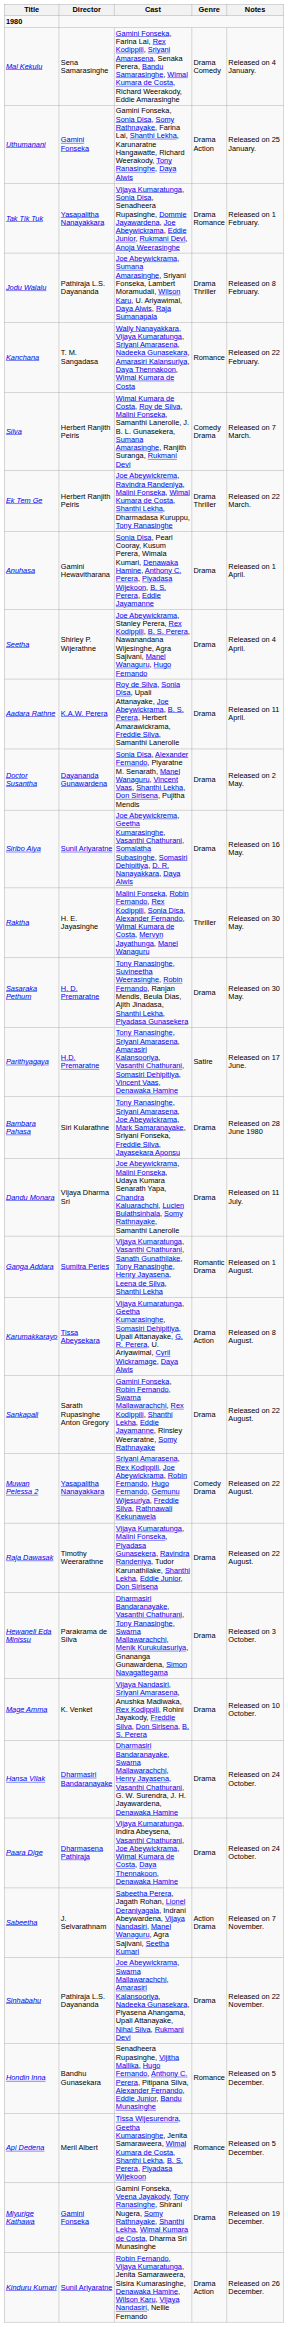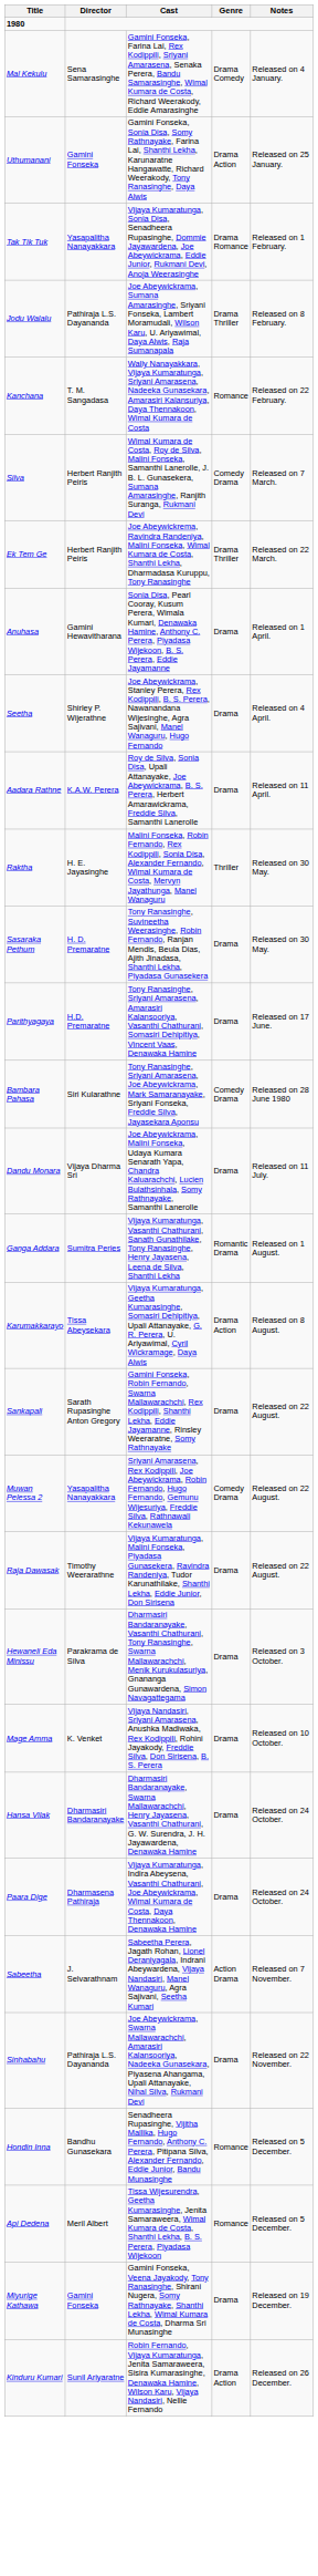 <table class="wikitable">
 <tr>
 <th width=15%>Title</th>
 <th width=12%>Director</th>
 <th width=34%>Cast</th>
 <th width=8%>Genre</th>
 <th width=26%>Notes</th>
 </tr>
 <tr>
 <td><strong>1980</strong></td>
 </tr>
 <tr>
 <td><em><a href='#'>Mal Kekulu</a></em></td>
 <td>Sena Samarasinghe</td>
 <td><a href='#'>Gamini Fonseka</a>, Farina Lai, <a href='#'>Rex Kodippili</a>, <a href='#'>Sriyani Amarasena</a>, Senaka Perera, <a href='#'>Bandu Samarasinghe</a>, <a href='#'>Wimal Kumara de Costa</a>, Richard Weerakody, Eddie Amarasinghe</td>
 <td>Drama Comedy</td>
 <td>Released on 4 January.</td>
 </tr>
 <tr>
 <td><em><a href='#'>Uthumanani</a></em></td>
 <td><a href='#'>Gamini Fonseka</a></td>
 <td>Gamini Fonseka, <a href='#'>Sonia Disa</a>, <a href='#'>Somy Rathnayake</a>, Farina Lai, <a href='#'>Shanthi Lekha</a>, Karunaratne Hangawatte, Richard Weerakody, <a href='#'>Tony Ranasinghe</a>, <a href='#'>Daya Alwis</a></td>
 <td>Drama Action</td>
 <td>Released on 25 January.</td>
 </tr>
 <tr>
 <td><em><a href='#'>Tak Tik Tuk</a></em></td>
 <td><a href='#'>Yasapalitha Nanayakkara</a></td>
 <td><a href='#'>Vijaya Kumaratunga</a>, <a href='#'>Sonia Disa</a>, Senadheera Rupasinghe, <a href='#'>Dommie Jayawardena</a>, <a href='#'>Joe Abeywickrama</a>, <a href='#'>Eddie Junior</a>, <a href='#'>Rukmani Devi</a>, <a href='#'>Anoja Weerasinghe</a></td>
 <td>Drama Romance</td>
 <td>Released on 1 February.</td>
 </tr>
 <tr>
 <td><em><a href='#'>Jodu Walalu</a></em></td>
 <td>Pathiraja L.S. Dayananda</td>
 <td><a href='#'>Joe Abeywickrama</a>, <a href='#'>Sumana Amarasinghe</a>, Sriyani Fonseka, Lambert Moramudali, <a href='#'>Wilson Karu</a>, U. Ariyawimal, <a href='#'>Daya Alwis</a>, <a href='#'>Raja Sumanapala</a></td>
 <td>Drama Thriller</td>
 <td>Released on 8 February.</td>
 </tr>
 <tr>
 <td><em><a href='#'>Kanchana</a></em></td>
 <td>T. M. Sangadasa</td>
 <td><a href='#'>Wally Nanayakkara</a>, <a href='#'>Vijaya Kumaratunga</a>, <a href='#'>Sriyani Amarasena</a>, <a href='#'>Nadeeka Gunasekara</a>, <a href='#'>Amarasiri Kalansuriya</a>, <a href='#'>Daya Thennakoon</a>, <a href='#'>Wimal Kumara de Costa</a></td>
 <td>Romance</td>
 <td>Released on 22 February.</td>
 </tr>
 <tr>
 <td><em><a href='#'>Silva</a></em></td>
 <td>Herbert Ranjith Peiris</td>
 <td><a href='#'>Wimal Kumara de Costa</a>, <a href='#'>Roy de Silva</a>, <a href='#'>Malini Fonseka</a>, Samanthi Lanerolle, J. B. L. Gunasekera, <a href='#'>Sumana Amarasinghe</a>, Ranjith Suranga, <a href='#'>Rukmani Devi</a></td>
 <td>Comedy Drama</td>
 <td>Released on 7 March.</td>
 </tr>
 <tr>
 <td><em><a href='#'>Ek Tem Ge</a></em></td>
 <td>Herbert Ranjith Peiris</td>
 <td><a href='#'>Joe Abeywickrema</a>, <a href='#'>Ravindra Randeniya</a>, <a href='#'>Malini Fonseka</a>, <a href='#'>Wimal Kumara de Costa</a>, <a href='#'>Shanthi Lekha</a>, Dharmadasa Kuruppu, <a href='#'>Tony Ranasinghe</a></td>
 <td>Drama Thriller</td>
 <td>Released on 22 March.</td>
 </tr>
 <tr>
 <td><em><a href='#'>Anuhasa</a></em></td>
 <td>Gamini Hewavitharana</td>
 <td><a href='#'>Sonia Disa</a>, Pearl Cooray, Kusum Perera, Wimala Kumari, <a href='#'>Denawaka Hamine</a>, <a href='#'>Anthony C. Perera</a>, <a href='#'>Piyadasa Wijekoon</a>, <a href='#'>B. S. Perera</a>, <a href='#'>Eddie Jayamanne</a></td>
 <td>Drama</td>
 <td>Released on 1 April.</td>
 </tr>
 <tr>
 <td><em><a href='#'>Seetha</a></em></td>
 <td>Shirley P. Wijerathne</td>
 <td><a href='#'>Joe Abeywickrama</a>, Stanley Perera, <a href='#'>Rex Kodippili</a>, <a href='#'>B. S. Perera</a>, Nawanandana Wijesinghe, Agra Sajivani, <a href='#'>Manel Wanaguru</a>, <a href='#'>Hugo Fernando</a></td>
 <td>Drama</td>
 <td>Released on 4 April.</td>
 </tr>
 <tr>
 <td><em><a href='#'>Aadara Rathne</a></em></td>
 <td><a href='#'>K.A.W. Perera</a></td>
 <td><a href='#'>Roy de Silva</a>, <a href='#'>Sonia Disa</a>, Upali Attanayake, <a href='#'>Joe Abeywickrama</a>, <a href='#'>B. S. Perera</a>, Herbert Amarawickrama, <a href='#'>Freddie Silva</a>, Samanthi Lanerolle</td>
 <td>Drama</td>
 <td>Released on 11 April.</td>
 </tr>
 <tr>
-<td><em><a href='#'>Doctor Susantha</a></em></td>
-<td><a href='#'>Dayananda Gunawardena</a></td>
-<td><a href='#'>Sonia Disa</a>, <a href='#'>Alexander Fernando</a>, Piyaratne M. Senarath, <a href='#'>Manel Wanaguru</a>, <a href='#'>Vincent Vaas</a>, <a href='#'>Shanthi Lekha</a>, <a href='#'>Don Sirisena</a>, Pujitha Mendis</td>
-<td>Drama</td>
-<td>Released on 2 May.</td>
-</tr>
-<tr>
-<td><em><a href='#'>Siribo Aiya</a></em></td>
-<td><a href='#'>Sunil Ariyaratne</a></td>
-<td><a href='#'>Joe Abeywickrema</a>, <a href='#'>Geetha Kumarasinghe</a>, <a href='#'>Vasanthi Chathurani</a>, <a href='#'>Somalatha Subasinghe</a>, <a href='#'>Somasiri Dehipitiya</a>, <a href='#'>D. R. Nanayakkara</a>, <a href='#'>Daya Alwis</a></td>
-<td>Drama</td>
-<td>Released on 16 May.</td>
-</tr>
-<tr>
 <td><em><a href='#'>Raktha</a></em></td>
 <td>H. E. Jayasinghe</td>
 <td><a href='#'>Malini Fonseka</a>, <a href='#'>Robin Fernando</a>, <a href='#'>Rex Kodippili</a>, <a href='#'>Sonia Disa</a>, <a href='#'>Alexander Fernando</a>, <a href='#'>Wimal Kumara de Costa</a>, <a href='#'>Mervyn Jayathunga</a>, <a href='#'>Manel Wanaguru</a></td>
 <td>Thriller</td>
 <td>Released on 30 May.</td>
 </tr>
 <tr>
 <td><em><a href='#'>Sasaraka Pethum</a></em></td>
 <td><a href='#'>H. D. Premaratne</a></td>
 <td><a href='#'>Tony Ranasinghe</a>, <a href='#'>Suvineetha Weerasinghe</a>, <a href='#'>Robin Fernando</a>, Ranjan Mendis, Beula Dias, Ajith Jinadasa, <a href='#'>Shanthi Lekha</a>, <a href='#'>Piyadasa Gunasekera</a></td>
 <td>Drama</td>
 <td>Released on 30 May.</td>
 </tr>
 <tr>
 <td><em><a href='#'>Parithyagaya</a></em></td>
 <td><a href='#'>H.D. Premaratne</a></td>
 <td><a href='#'>Tony Ranasinghe</a>, <a href='#'>Sriyani Amarasena</a>, <a href='#'>Amarasiri Kalansooriya</a>, <a href='#'>Vasanthi Chathurani</a>, <a href='#'>Somasiri Dehipitiya</a>, <a href='#'>Vincent Vaas</a>, <a href='#'>Denawaka Hamine</a></td>
-<td>Satire</td>
+<td>Drama</td>
 <td>Released on 17 June.</td>
 </tr>
 <tr>
 <td><em><a href='#'>Bambara Pahasa</a></em></td>
 <td>Siri Kularathne</td>
 <td><a href='#'>Tony Ranasinghe</a>, <a href='#'>Sriyani Amarasena</a>, <a href='#'>Joe Abeywickrama</a>, <a href='#'>Mark Samaranayake</a>, Sriyani Fonseka, <a href='#'>Freddie Silva</a>, <a href='#'>Jayasekara Aponsu</a></td>
-<td>Drama</td>
+<td>Comedy Drama</td>
 <td>Released on 28 June 1980</td>
 </tr>
 <tr>
 <td><em><a href='#'>Dandu Monara</a></em></td>
 <td>Vijaya Dharma Sri</td>
 <td><a href='#'>Joe Abeywickrama</a>, <a href='#'>Malini Fonseka</a>, Udaya Kumara Senarath Yapa, <a href='#'>Chandra Kaluarachchi</a>, <a href='#'>Lucien Bulathsinhala</a>, <a href='#'>Somy Rathnayake</a>, Samanthi Lanerolle</td>
 <td>Drama</td>
 <td>Released on 11 July.</td>
 </tr>
 <tr>
 <td><em><a href='#'>Ganga Addara</a></em></td>
 <td><a href='#'>Sumitra Peries</a></td>
 <td><a href='#'>Vijaya Kumaratunga</a>, <a href='#'>Vasanthi Chathurani</a>, <a href='#'>Sanath Gunathilake</a>, <a href='#'>Tony Ranasinghe</a>, <a href='#'>Henry Jayasena</a>, <a href='#'>Leena de Silva</a>, <a href='#'>Shanthi Lekha</a></td>
 <td>Romantic Drama</td>
 <td>Released on 1 August.</td>
 </tr>
 <tr>
 <td><em><a href='#'>Karumakkarayo</a></em></td>
 <td><a href='#'>Tissa Abeysekara</a></td>
 <td><a href='#'>Vijaya Kumaratunga</a>, <a href='#'>Geetha Kumarasinghe</a>, <a href='#'>Somasiri Dehipitiya</a>, Upali Attanayake, <a href='#'>G. R. Perera</a>, U. Ariyawimal, <a href='#'>Cyril Wickramage</a>, <a href='#'>Daya Alwis</a></td>
 <td>Drama Action</td>
 <td>Released on 8 August.</td>
 </tr>
 <tr>
 <td><em><a href='#'>Sankapali</a></em></td>
 <td>Sarath Rupasinghe<br> Anton Gregory</td>
 <td><a href='#'>Gamini Fonseka</a>, <a href='#'>Robin Fernando</a>, <a href='#'>Swarna Mallawarachchi</a>, <a href='#'>Rex Kodippili</a>, <a href='#'>Shanthi Lekha</a>, <a href='#'>Eddie Jayamanne</a>, Rinsley Weeraratne, <a href='#'>Somy Rathnayake</a></td>
 <td>Drama</td>
 <td>Released on 22 August.</td>
 </tr>
 <tr>
 <td><em><a href='#'>Muwan Pelessa 2</a></em></td>
 <td><a href='#'>Yasapalitha Nanayakkara</a></td>
 <td><a href='#'>Sriyani Amarasena</a>, <a href='#'>Rex Kodippili</a>, <a href='#'>Joe Abeywickrama</a>, <a href='#'>Robin Fernando</a>, <a href='#'>Hugo Fernando</a>, <a href='#'>Gemunu Wijesuriya</a>, <a href='#'>Freddie Silva</a>, <a href='#'>Rathnawali Kekunawela</a></td>
 <td>Comedy Drama</td>
 <td>Released on 22 August.</td>
 </tr>
 <tr>
 <td><em><a href='#'>Raja Dawasak</a></em></td>
 <td>Timothy Weerarathne</td>
 <td><a href='#'>Vijaya Kumaratunga</a>, <a href='#'>Malini Fonseka</a>, <a href='#'>Piyadasa Gunasekera</a>, <a href='#'>Ravindra Randeniya</a>, Tudor Karunathilake, <a href='#'>Shanthi Lekha</a>, <a href='#'>Eddie Junior</a>, <a href='#'>Don Sirisena</a></td>
 <td>Drama</td>
 <td>Released on 22 August.</td>
 </tr>
 <tr>
 <td><em><a href='#'>Hewaneli Eda Minissu</a></em></td>
 <td>Parakrama de Silva</td>
 <td><a href='#'>Dharmasiri Bandaranayake</a>, <a href='#'>Vasanthi Chathurani</a>, <a href='#'>Tony Ranasinghe</a>, <a href='#'>Swarna Mallawarachchi</a>, <a href='#'>Menik Kurukulasuriya</a>, Gnananga Gunawardena, <a href='#'>Simon Navagattegama</a></td>
 <td>Drama</td>
 <td>Released on 3 October.</td>
 </tr>
 <tr>
 <td><em><a href='#'>Mage Amma</a></em></td>
 <td>K. Venket</td>
 <td><a href='#'>Vijaya Nandasiri</a>, <a href='#'>Sriyani Amarasena</a>, Anushka Madiwaka, <a href='#'>Rex Kodippili</a>, Rohini Jayakody, <a href='#'>Freddie Silva</a>, <a href='#'>Don Sirisena</a>, <a href='#'>B. S. Perera</a></td>
 <td>Drama</td>
 <td>Released on 10 October.</td>
 </tr>
 <tr>
 <td><em><a href='#'>Hansa Vilak</a></em></td>
 <td><a href='#'>Dharmasiri Bandaranayake</a></td>
 <td><a href='#'>Dharmasiri Bandaranayake</a>, <a href='#'>Swarna Mallawarachchi</a>, <a href='#'>Henry Jayasena</a>, <a href='#'>Vasanthi Chathurani</a>, G. W. Surendra, J. H. Jayawardena, <a href='#'>Denawaka Hamine</a></td>
 <td>Drama</td>
 <td>Released on 24 October.</td>
 </tr>
 <tr>
 <td><em><a href='#'>Paara Dige</a></em></td>
 <td><a href='#'>Dharmasena Pathiraja</a></td>
 <td><a href='#'>Vijaya Kumaratunga</a>, Indira Abeysena, <a href='#'>Vasanthi Chathurani</a>, <a href='#'>Joe Abeywickrama</a>, <a href='#'>Wimal Kumara de Costa</a>, <a href='#'>Daya Thennakoon</a>, <a href='#'>Denawaka Hamine</a></td>
 <td>Drama</td>
 <td>Released on 24 October.</td>
 </tr>
 <tr>
 <td><em><a href='#'>Sabeetha</a></em></td>
 <td>J. Selvarathnam</td>
 <td><a href='#'>Sabeetha Perera</a>, Jagath Rohan, <a href='#'>Lionel Deraniyagala</a>, Indrani Abeywardena, <a href='#'>Vijaya Nandasiri</a>, <a href='#'>Manel Wanaguru</a>, Agra Sajivani, <a href='#'>Seetha Kumari</a></td>
 <td>Action Drama</td>
 <td>Released on 7 November.</td>
 </tr>
 <tr>
 <td><em><a href='#'>Sinhabahu</a></em></td>
 <td>Pathiraja L.S. Dayananda</td>
 <td><a href='#'>Joe Abeywickrama</a>, <a href='#'>Swarna Mallawarachchi</a>, <a href='#'>Amarasiri Kalansooriya</a>, <a href='#'>Nadeeka Gunasekara</a>, Piyasena Ahangama, Upali Attanayake, <a href='#'>Nihal Silva</a>, <a href='#'>Rukmani Devi</a></td>
 <td>Drama</td>
 <td>Released on 22 November.</td>
 </tr>
 <tr>
 <td><em><a href='#'>Hondin Inna</a></em></td>
 <td>Bandhu Gunasekara</td>
 <td>Senadheera Rupasinghe, <a href='#'>Vijitha Mallika</a>, <a href='#'>Hugo Fernando</a>, <a href='#'>Anthony C. Perera</a>, Pitipana Silva, <a href='#'>Alexander Fernando</a>, <a href='#'>Eddie Junior</a>, <a href='#'>Bandu Munasinghe</a></td>
 <td>Romance</td>
 <td>Released on 5 December.</td>
 </tr>
 <tr>
 <td><em><a href='#'>Api Dedena</a></em></td>
 <td>Meril Albert</td>
 <td><a href='#'>Tissa Wijesurendra</a>, <a href='#'>Geetha Kumarasinghe</a>, Jenita Samaraweera, <a href='#'>Wimal Kumara de Costa</a>, <a href='#'>Shanthi Lekha</a>, <a href='#'>B. S. Perera</a>, <a href='#'>Piyadasa Wijekoon</a></td>
 <td>Romance</td>
 <td>Released on 5 December.</td>
 </tr>
 <tr>
 <td><em><a href='#'>Miyurige Kathawa</a></em></td>
 <td><a href='#'>Gamini Fonseka</a></td>
 <td>Gamini Fonseka, <a href='#'>Veena Jayakody</a>, <a href='#'>Tony Ranasinghe</a>, Shirani Nugera, <a href='#'>Somy Rathnayake</a>, <a href='#'>Shanthi Lekha</a>, <a href='#'>Wimal Kumara de Costa</a>, Dharma Sri Munasinghe</td>
 <td>Drama</td>
 <td>Released on 19 December.</td>
 </tr>
 <tr>
 <td><em><a href='#'>Kinduru Kumari</a></em></td>
 <td><a href='#'>Sunil Ariyaratne</a></td>
 <td><a href='#'>Robin Fernando</a>, <a href='#'>Vijaya Kumaratunga</a>, Jenita Samaraweera, Sisira Kumarasinghe, <a href='#'>Denawaka Hamine</a>, <a href='#'>Wilson Karu</a>, <a href='#'>Vijaya Nandasiri</a>, Nellie Fernando</td>
 <td>Drama Action</td>
 <td>Released on 26 December.</td>
 </tr>
 </table>
